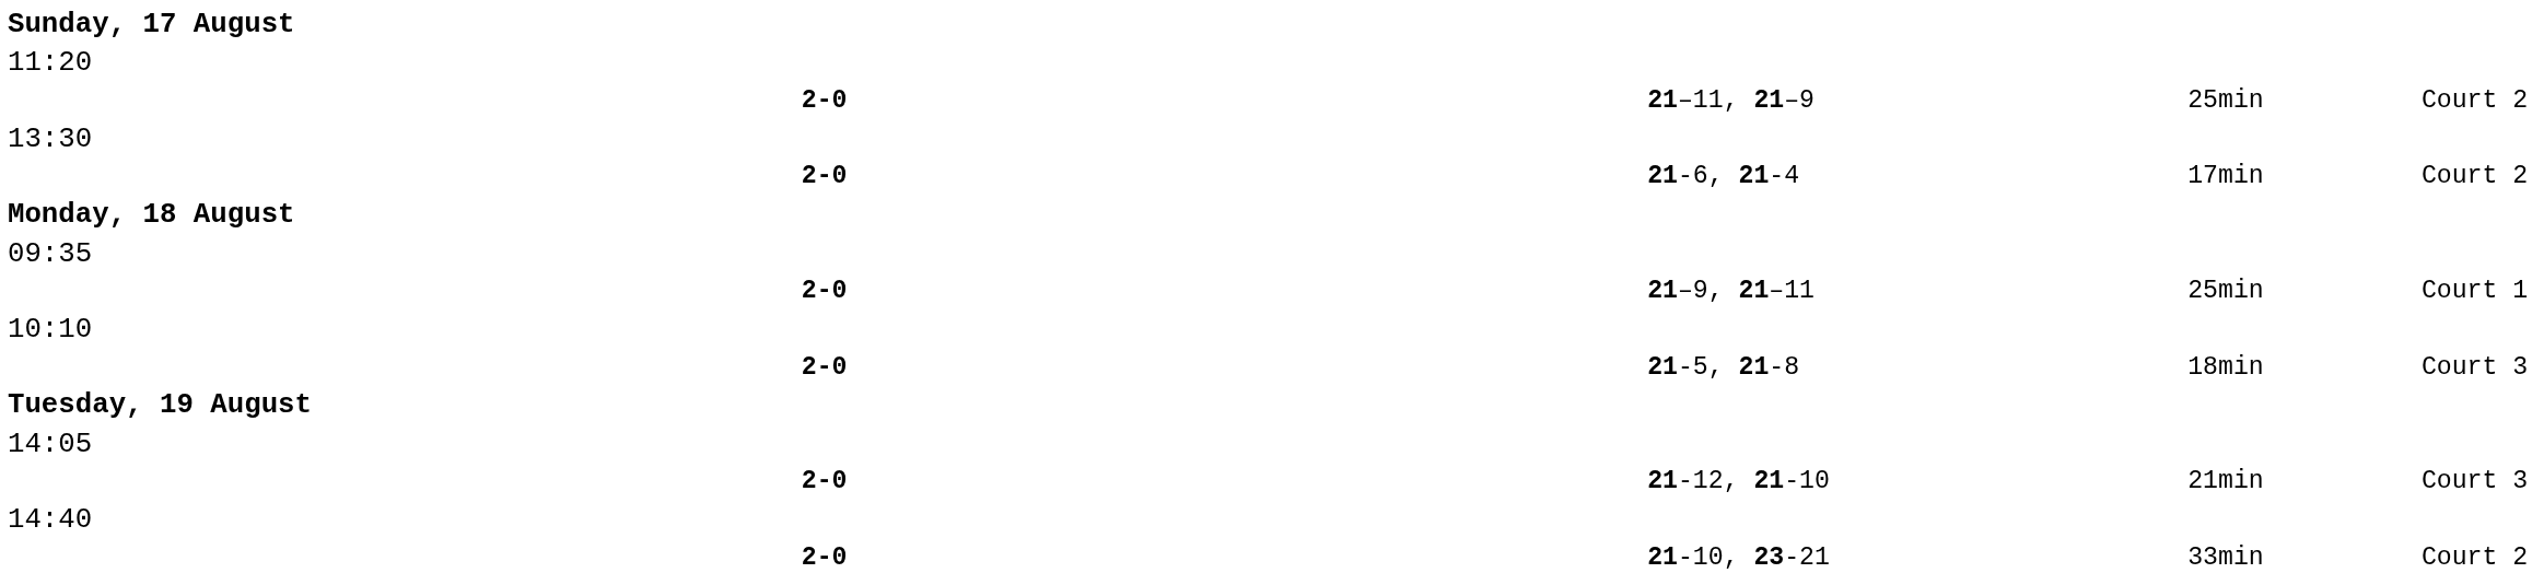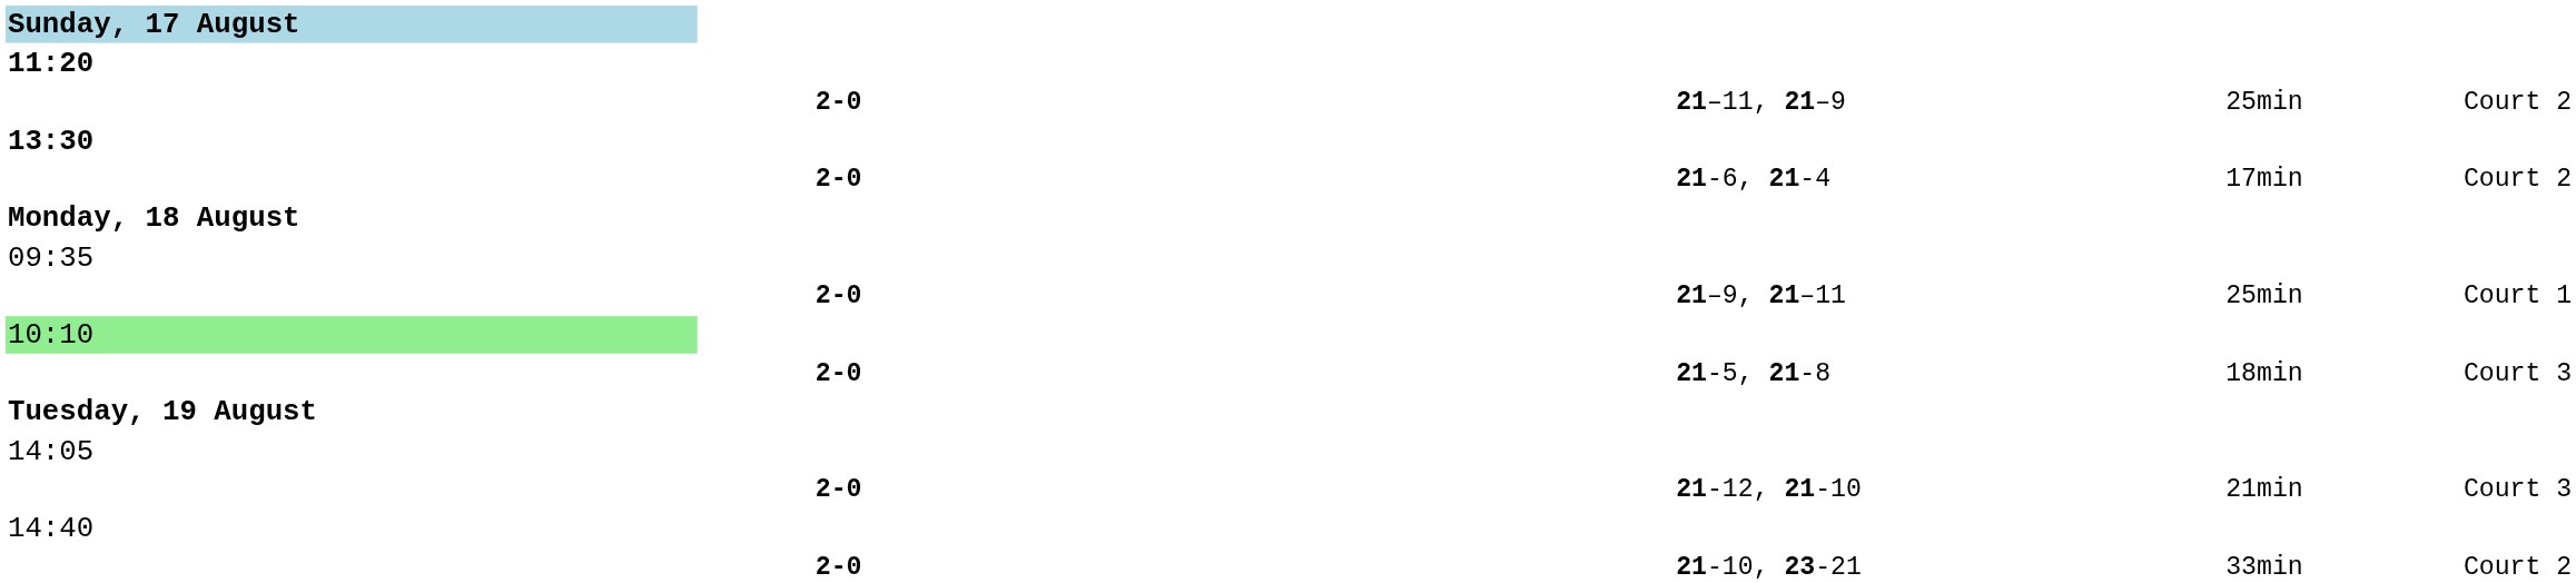 <table style="width:100%;" cellspacing="1">
 <tr>
 <th width=25%></th>
 <th width=10%></th>
 <th width=25%></th>
 </tr>
 <tr>
-<td><strong>Sunday, 17 August</strong></td>
+<td style="background: lightblue;"><strong>Sunday, 17 August</strong></td>
 </tr>
 <tr>
-<td>11:20</td>
+<td><strong>11:20</strong></td>
 </tr>
 <tr style=font-size:90%>
 <td align=right><strong></strong></td>
 <td align=center><strong> 2-0 </strong></td>
 <td></td>
 <td><strong>21</strong>–11, <strong>21</strong>–9</td>
 <td>25min</td>
 <td>Court 2</td>
 </tr>
 <tr>
-<td>13:30</td>
+<td><strong>13:30</strong></td>
 </tr>
 <tr style=font-size:90%>
 <td align=right><strong></strong></td>
 <td align=center><strong> 2-0 </strong></td>
 <td></td>
 <td><strong>21</strong>-6, <strong>21</strong>-4</td>
 <td>17min</td>
 <td>Court 2</td>
 </tr>
 <tr>
 <td><strong>Monday, 18 August</strong></td>
 </tr>
 <tr>
 <td>09:35</td>
 </tr>
 <tr style=font-size:90%>
 <td align=right><strong></strong></td>
 <td align=center><strong> 2-0 </strong></td>
 <td></td>
 <td><strong>21</strong>–9, <strong>21</strong>–11</td>
 <td>25min</td>
 <td>Court 1</td>
 </tr>
 <tr>
-<td>10:10</td>
+<td style="background: lightgreen;">10:10</td>
 </tr>
 <tr style=font-size:90%>
 <td align=right><strong></strong></td>
 <td align=center><strong> 2-0 </strong></td>
 <td></td>
 <td><strong>21</strong>-5, <strong>21</strong>-8</td>
 <td>18min</td>
 <td>Court 3</td>
 </tr>
 <tr>
 <td><strong>Tuesday, 19 August</strong></td>
 </tr>
 <tr>
 <td>14:05</td>
 </tr>
 <tr style=font-size:90%>
 <td align=right><strong></strong></td>
 <td align=center><strong> 2-0 </strong></td>
 <td></td>
 <td><strong>21</strong>-12, <strong>21</strong>-10</td>
 <td>21min</td>
 <td>Court 3</td>
 </tr>
 <tr>
 <td>14:40</td>
 </tr>
 <tr style=font-size:90%>
 <td align=right><strong></strong></td>
 <td align=center><strong> 2-0 </strong></td>
 <td></td>
 <td><strong>21</strong>-10, <strong>23</strong>-21</td>
 <td>33min</td>
 <td>Court 2</td>
 </tr>
 </table>
